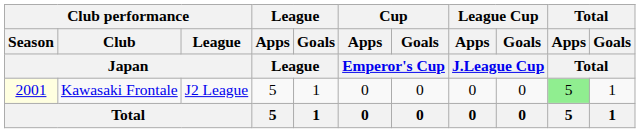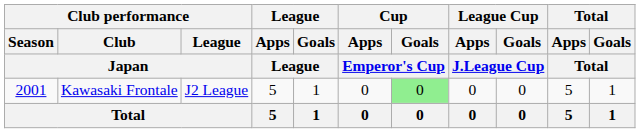 <table class="wikitable" style="text-align:center;">
 <tr>
 <th colspan=3>Club performance</th>
 <th colspan=2>League</th>
 <th colspan=2>Cup</th>
 <th colspan=2>League Cup</th>
 <th colspan=2>Total</th>
 </tr>
 <tr>
 <th>Season</th>
 <th>Club</th>
 <th>League</th>
 <th>Apps</th>
 <th>Goals</th>
 <th>Apps</th>
 <th>Goals</th>
 <th>Apps</th>
 <th>Goals</th>
 <th>Apps</th>
 <th>Goals</th>
 </tr>
 <tr>
 <th colspan=3>Japan</th>
 <th colspan=2>League</th>
 <th colspan=2><a href='#'>Emperor's Cup</a></th>
 <th colspan=2><a href='#'>J.League Cup</a></th>
 <th colspan=2>Total</th>
 </tr>
 <tr>
-<td style="background: lightyellow;"><a href='#'>2001</a></td>
+<td><a href='#'>2001</a></td>
 <td><a href='#'>Kawasaki Frontale</a></td>
 <td><a href='#'>J2 League</a></td>
 <td>5</td>
 <td>1</td>
 <td>0</td>
+<td style="background: lightgreen;">0</td>
 <td>0</td>
 <td>0</td>
-<td>0</td>
-<td style="background: lightgreen;">5</td>
+<td>5</td>
 <td>1</td>
 </tr>
 <tr>
 <th colspan=3>Total</th>
 <th>5</th>
 <th>1</th>
 <th>0</th>
 <th>0</th>
 <th>0</th>
 <th>0</th>
 <th>5</th>
 <th>1</th>
 </tr>
 </table>
